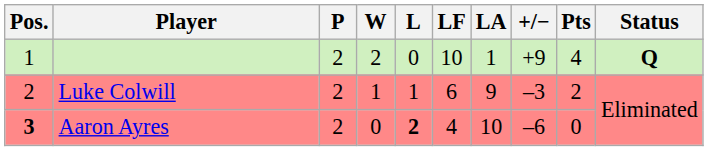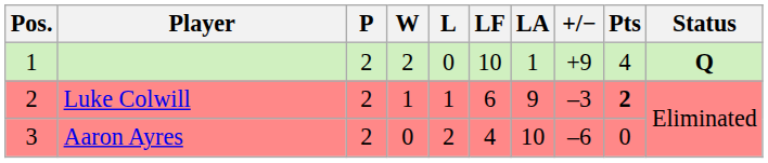 <table class="wikitable" style="text-align:center; margin: 1em auto 1em auto, align:left">
 <tr>
 <th width=20>Pos.</th>
 <th width=185>Player</th>
 <th width=20>P</th>
 <th width=20>W</th>
 <th width=20>L</th>
 <th width=20>LF</th>
 <th width=20>LA</th>
 <th width=25>+/−</th>
 <th width=20>Pts</th>
 <th width=70>Status</th>
 </tr>
 <tr style="background:#D0F0C0;">
 <td>1</td>
 <td align=left></td>
 <td>2</td>
 <td>2</td>
 <td>0</td>
 <td>10</td>
 <td>1</td>
 <td>+9</td>
 <td>4</td>
 <td><strong>Q</strong></td>
 </tr>
 <tr style="background:#FF8888;">
 <td>2</td>
 <td align=left> <a href='#'>Luke Colwill</a></td>
 <td>2</td>
 <td>1</td>
 <td>1</td>
 <td>6</td>
 <td>9</td>
 <td>–3</td>
-<td>2</td>
+<td><strong>2</strong></td>
 <td rowspan=2>Eliminated</td>
 </tr>
 <tr style="background:#FF8888;">
-<td><strong>3</strong></td>
+<td>3</td>
 <td align=left> <a href='#'>Aaron Ayres</a></td>
 <td>2</td>
 <td>0</td>
-<td><strong>2</strong></td>
+<td>2</td>
 <td>4</td>
 <td>10</td>
 <td>–6</td>
 <td>0</td>
 </tr>
 </table>
